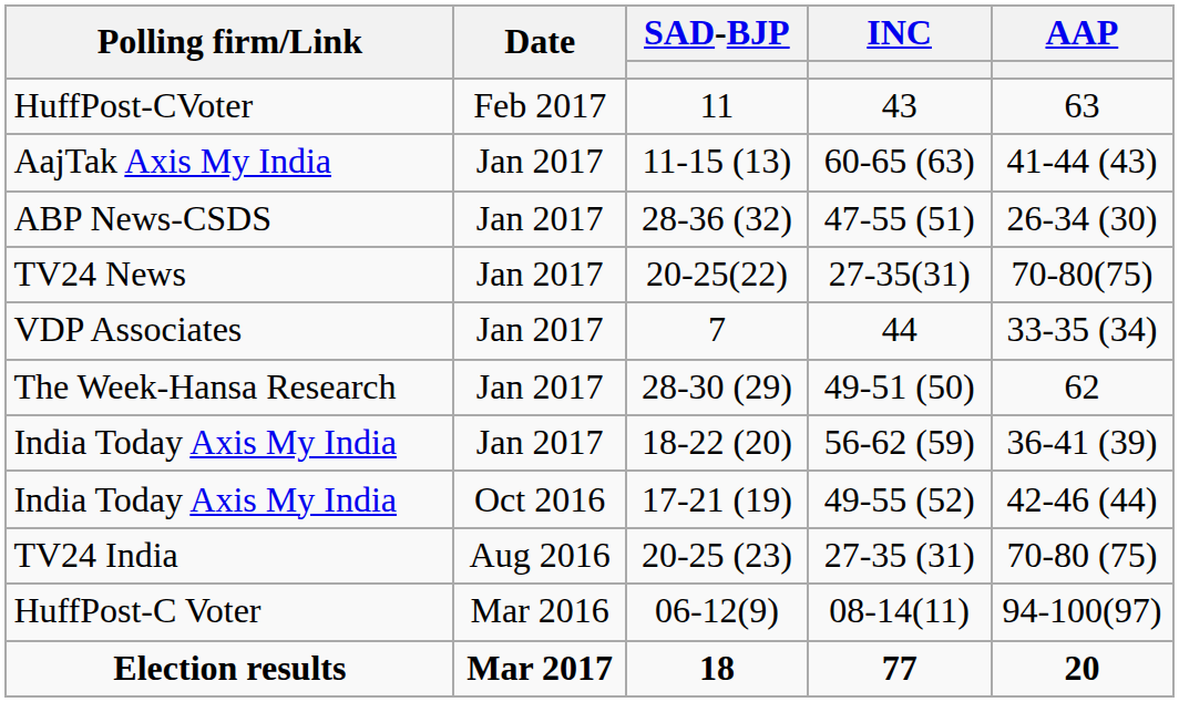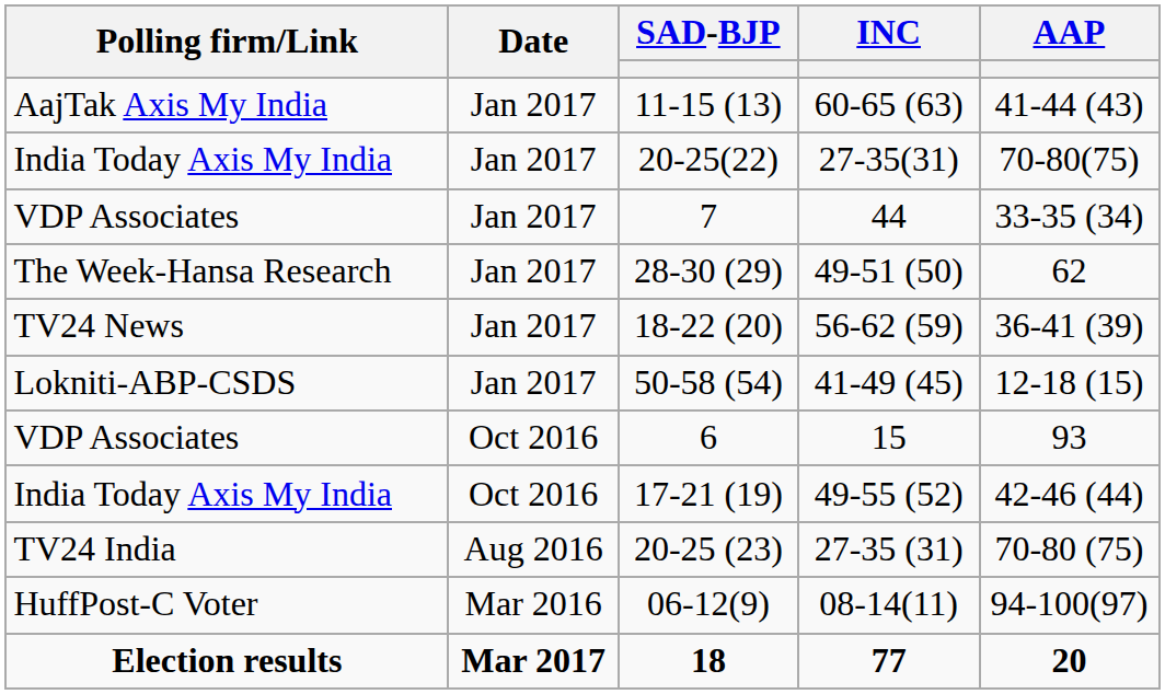 <table class="wikitable collapsible" style="text-align:center;">
 <tr style="background-color:#E9E9E9">
 <th style="width:195px;" rowspan="2">Polling firm/Link</th>
 <th style="width:70px;" rowspan="2">Date</th>
 <th style="width:75px;"><a href='#'>SAD</a>-<a href='#'>BJP</a></th>
 <th style="width:75px;"><a href='#'>INC</a></th>
 <th style="width:75px;"><a href='#'>AAP</a></th>
 </tr>
 <tr>
 <th style="background:"></th>
 <th style="background:"></th>
 <th style="background:"></th>
 </tr>
 <tr>
-<td style="text-align:left;">HuffPost-CVoter</td>
-<td>Feb 2017</td>
-<td>11</td>
-<td>43</td>
-<td>63</td>
-</tr>
-<tr>
 <td style="text-align:left;">AajTak <a href='#'>Axis My India</a></td>
 <td>Jan 2017</td>
 <td>11-15 (13)</td>
 <td>60-65 (63)</td>
 <td>41-44 (43)</td>
 </tr>
 <tr>
-<td style="text-align:left;">ABP News-CSDS</td>
-<td>Jan 2017</td>
-<td>28-36 (32)</td>
-<td>47-55 (51)</td>
-<td>26-34 (30)</td>
-</tr>
-<tr>
-<td style="text-align:left;">TV24 News</td>
+<td style="text-align:left;">India Today <a href='#'>Axis My India</a></td>
 <td>Jan 2017</td>
 <td>20-25(22)</td>
 <td>27-35(31)</td>
 <td>70-80(75)</td>
 </tr>
 <tr>
 <td style="text-align:left;">VDP Associates</td>
 <td>Jan 2017</td>
 <td>7</td>
 <td>44</td>
 <td>33-35 (34)</td>
 </tr>
 <tr>
 <td style="text-align:left;">The Week-Hansa Research</td>
 <td>Jan 2017</td>
 <td>28-30 (29)</td>
 <td>49-51 (50)</td>
 <td>62</td>
 </tr>
 <tr>
-<td style="text-align:left;">India Today <a href='#'>Axis My India</a></td>
+<td style="text-align:left;">TV24 News</td>
 <td>Jan 2017</td>
 <td>18-22 (20)</td>
 <td>56-62 (59)</td>
 <td>36-41 (39)</td>
+</tr>
+<tr>
+<td style="text-align:left;">Lokniti-ABP-CSDS</td>
+<td>Jan 2017</td>
+<td>50-58 (54)</td>
+<td>41-49 (45)</td>
+<td>12-18 (15)</td>
+</tr>
+<tr>
+<td style="text-align:left;">VDP Associates</td>
+<td>Oct 2016</td>
+<td>6</td>
+<td>15</td>
+<td>93</td>
 </tr>
 <tr>
 <td style="text-align:left;">India Today <a href='#'>Axis My India</a></td>
 <td>Oct 2016</td>
 <td>17-21 (19)</td>
 <td>49-55 (52)</td>
 <td>42-46 (44)</td>
 </tr>
 <tr>
 <td style="text-align:left;">TV24 India</td>
 <td>Aug 2016</td>
 <td>20-25 (23)</td>
 <td>27-35 (31)</td>
 <td>70-80 (75)</td>
 </tr>
 <tr>
 <td style="text-align:left;">HuffPost-C Voter</td>
 <td>Mar 2016</td>
 <td>06-12(9)</td>
 <td>08-14(11)</td>
 <td>94-100(97)</td>
 </tr>
 <tr>
 <td style="background:"><strong>Election results</strong></td>
 <td style="background:"><strong>Mar 2017</strong></td>
 <td style="background:"><strong>18</strong></td>
 <td style="background:"><strong>77</strong></td>
 <td style="background:"><strong>20</strong></td>
 </tr>
 </table>
